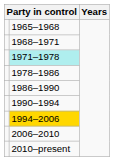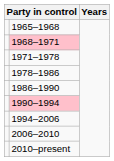 <table class="wikitable">
 <tr>
 <th colspan="2">Party in control</th>
 <th>Years</th>
 </tr>
 <tr>
 <td></td>
 <td>1965–1968</td>
 </tr>
 <tr>
 <td></td>
-<td>1968–1971</td>
+<td style="background: pink;">1968–1971</td>
 </tr>
 <tr>
 <td></td>
-<td style="background: paleturquoise;">1971–1978</td>
+<td>1971–1978</td>
 </tr>
 <tr>
 <td></td>
 <td>1978–1986</td>
 </tr>
 <tr>
 <td></td>
 <td>1986–1990</td>
 </tr>
 <tr>
 <td></td>
-<td>1990–1994</td>
+<td style="background: pink;">1990–1994</td>
 </tr>
 <tr>
 <td></td>
-<td style="background: gold;">1994–2006</td>
+<td>1994–2006</td>
 </tr>
 <tr>
 <td></td>
 <td>2006–2010</td>
 </tr>
 <tr>
 <td></td>
 <td>2010–present</td>
 </tr>
 </table>
